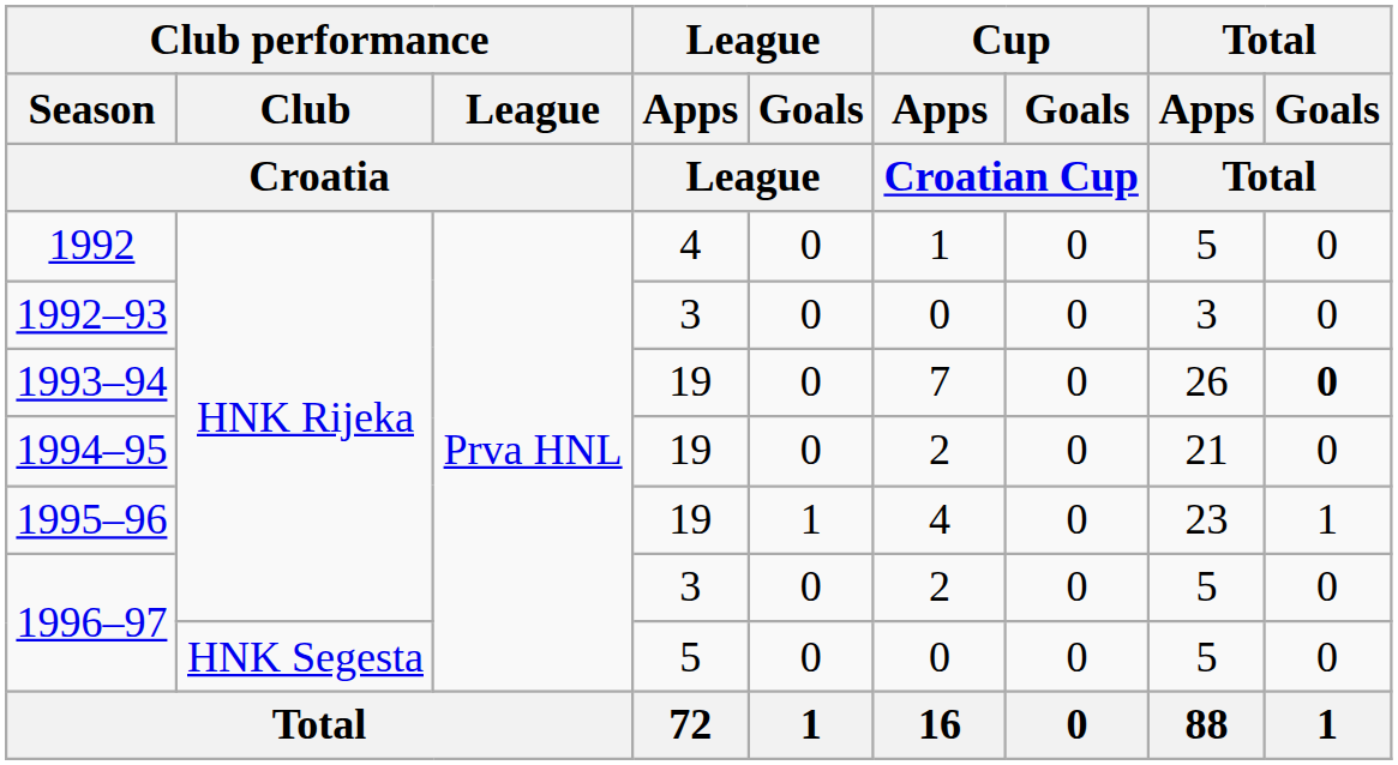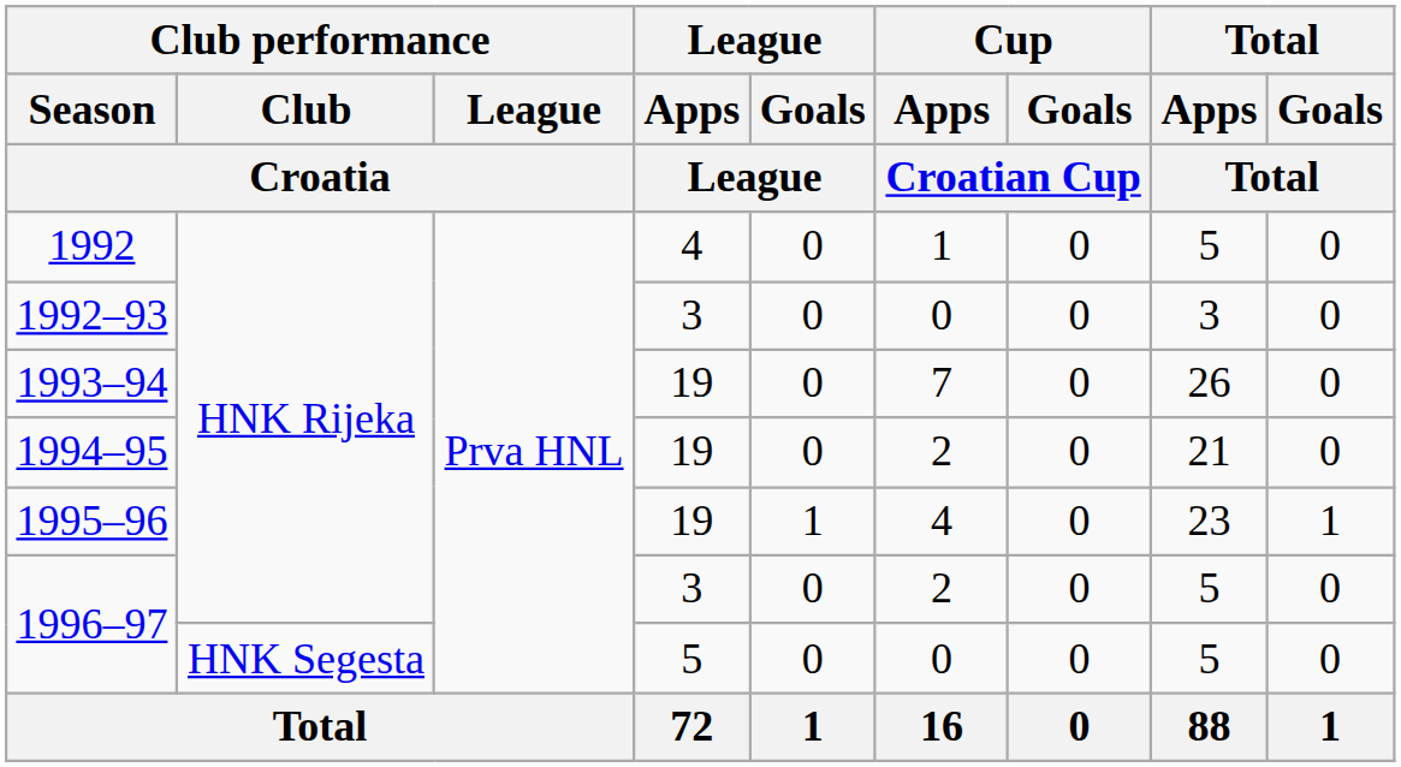 <table class="wikitable" style="text-align:center;">
 <tr>
 <th colspan=3>Club performance</th>
 <th colspan=2>League</th>
 <th colspan=2>Cup</th>
 <th colspan=2>Total</th>
 </tr>
 <tr>
 <th>Season</th>
 <th>Club</th>
 <th>League</th>
 <th>Apps</th>
 <th>Goals</th>
 <th>Apps</th>
 <th>Goals</th>
 <th>Apps</th>
 <th>Goals</th>
 </tr>
 <tr>
 <th colspan=3>Croatia</th>
 <th colspan=2>League</th>
 <th colspan=2><a href='#'>Croatian Cup</a></th>
 <th colspan=2>Total</th>
 </tr>
 <tr>
 <td><a href='#'>1992</a></td>
 <td rowspan="6"><a href='#'>HNK Rijeka</a></td>
 <td rowspan="7"><a href='#'>Prva HNL</a></td>
 <td>4</td>
 <td>0</td>
 <td>1</td>
 <td>0</td>
 <td>5</td>
 <td>0</td>
 </tr>
 <tr>
 <td><a href='#'>1992–93</a></td>
 <td>3</td>
 <td>0</td>
 <td>0</td>
 <td>0</td>
 <td>3</td>
 <td>0</td>
 </tr>
 <tr>
 <td><a href='#'>1993–94</a></td>
 <td>19</td>
 <td>0</td>
 <td>7</td>
 <td>0</td>
 <td>26</td>
-<td><strong>0</strong></td>
+<td>0</td>
 </tr>
 <tr>
 <td><a href='#'>1994–95</a></td>
 <td>19</td>
 <td>0</td>
 <td>2</td>
 <td>0</td>
 <td>21</td>
 <td>0</td>
 </tr>
 <tr>
 <td><a href='#'>1995–96</a></td>
 <td>19</td>
 <td>1</td>
 <td>4</td>
 <td>0</td>
 <td>23</td>
 <td>1</td>
 </tr>
 <tr>
 <td rowspan="2"><a href='#'>1996–97</a></td>
 <td>3</td>
 <td>0</td>
 <td>2</td>
 <td>0</td>
 <td>5</td>
 <td>0</td>
 </tr>
 <tr>
 <td rowspan="1"><a href='#'>HNK Segesta</a></td>
 <td>5</td>
 <td>0</td>
 <td>0</td>
 <td>0</td>
 <td>5</td>
 <td>0</td>
 </tr>
 <tr>
 <th colspan=3>Total</th>
 <th>72</th>
 <th>1</th>
 <th>16</th>
 <th>0</th>
 <th>88</th>
 <th>1</th>
 </tr>
 </table>
